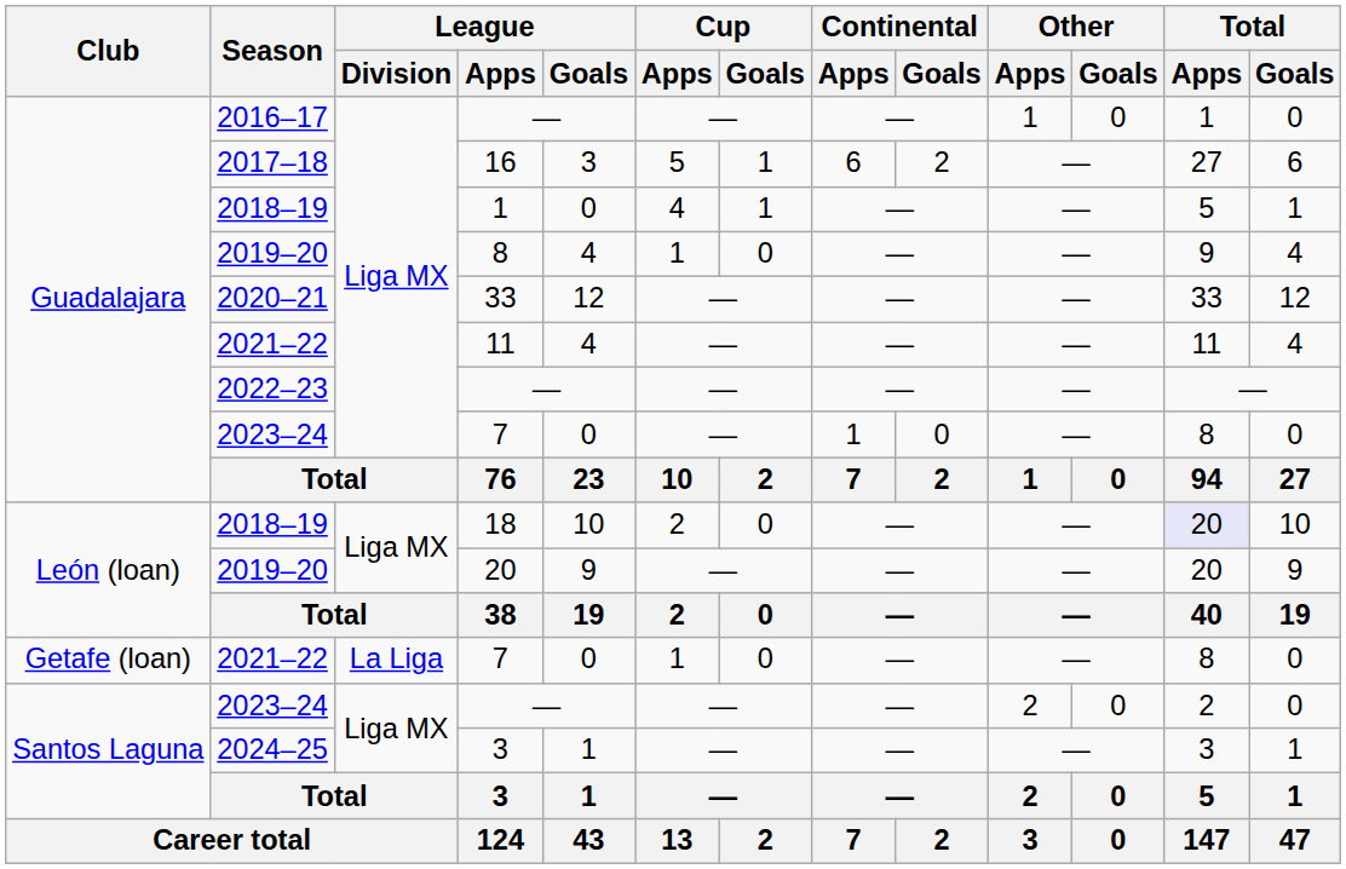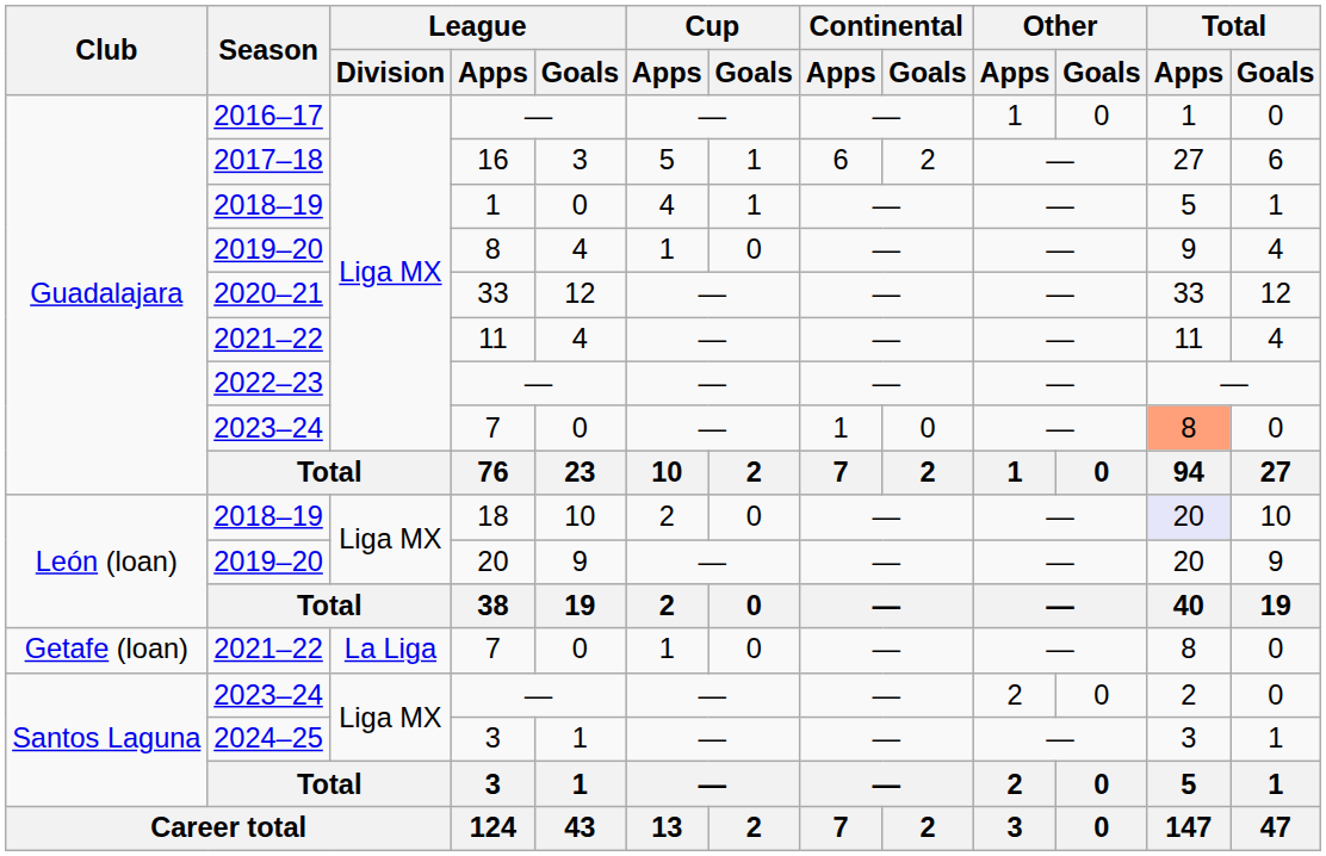 <table class="wikitable" style="text-align:center">
 <tr>
 <th rowspan="2">Club</th>
 <th rowspan="2">Season</th>
 <th colspan="3">League</th>
 <th colspan="2">Cup</th>
 <th colspan="2">Continental</th>
 <th colspan="2">Other</th>
 <th colspan="2">Total</th>
 </tr>
 <tr>
 <th>Division</th>
 <th>Apps</th>
 <th>Goals</th>
 <th>Apps</th>
 <th>Goals</th>
 <th>Apps</th>
 <th>Goals</th>
 <th>Apps</th>
 <th>Goals</th>
 <th>Apps</th>
 <th>Goals</th>
 </tr>
 <tr>
 <td rowspan="9"><a href='#'>Guadalajara</a></td>
 <td><a href='#'>2016–17</a></td>
 <td rowspan="8"><a href='#'>Liga MX</a></td>
 <td colspan="2">—</td>
 <td colspan="2">—</td>
 <td colspan="2">—</td>
 <td>1</td>
 <td>0</td>
 <td>1</td>
 <td>0</td>
 </tr>
 <tr>
 <td><a href='#'>2017–18</a></td>
 <td>16</td>
 <td>3</td>
 <td>5</td>
 <td>1</td>
 <td>6</td>
 <td>2</td>
 <td colspan="2">—</td>
 <td>27</td>
 <td>6</td>
 </tr>
 <tr>
 <td><a href='#'>2018–19</a></td>
 <td>1</td>
 <td>0</td>
 <td>4</td>
 <td>1</td>
 <td colspan="2">—</td>
 <td colspan="2">—</td>
 <td>5</td>
 <td>1</td>
 </tr>
 <tr>
 <td><a href='#'>2019–20</a></td>
 <td>8</td>
 <td>4</td>
 <td>1</td>
 <td>0</td>
 <td colspan="2">—</td>
 <td colspan="2">—</td>
 <td>9</td>
 <td>4</td>
 </tr>
 <tr>
 <td><a href='#'>2020–21</a></td>
 <td>33</td>
 <td>12</td>
 <td colspan="2">—</td>
 <td colspan="2">—</td>
 <td colspan="2">—</td>
 <td>33</td>
 <td>12</td>
 </tr>
 <tr>
 <td><a href='#'>2021–22</a></td>
 <td>11</td>
 <td>4</td>
 <td colspan="2">—</td>
 <td colspan="2">—</td>
 <td colspan="2">—</td>
 <td>11</td>
 <td>4</td>
 </tr>
 <tr>
 <td><a href='#'>2022–23</a></td>
 <td colspan="2">—</td>
 <td colspan="2">—</td>
 <td colspan="2">—</td>
 <td colspan="2">—</td>
 <td colspan="2">—</td>
 </tr>
 <tr>
 <td><a href='#'>2023–24</a></td>
 <td>7</td>
 <td>0</td>
 <td colspan="2">—</td>
 <td>1</td>
 <td>0</td>
 <td colspan="2">—</td>
-<td>8</td>
+<td style="background: lightsalmon;">8</td>
 <td>0</td>
 </tr>
 <tr>
 <th colspan="2">Total</th>
 <th>76</th>
 <th>23</th>
 <th>10</th>
 <th>2</th>
 <th>7</th>
 <th>2</th>
 <th>1</th>
 <th>0</th>
 <th>94</th>
 <th>27</th>
 </tr>
 <tr>
 <td rowspan="3"><a href='#'>León</a> (loan)</td>
 <td><a href='#'>2018–19</a></td>
 <td rowspan="2">Liga MX</td>
 <td>18</td>
 <td>10</td>
 <td>2</td>
 <td>0</td>
 <td colspan="2">—</td>
 <td colspan="2">—</td>
 <td style="background: lavender;">20</td>
 <td>10</td>
 </tr>
 <tr>
 <td><a href='#'>2019–20</a></td>
 <td>20</td>
 <td>9</td>
 <td colspan="2">—</td>
 <td colspan="2">—</td>
 <td colspan="2">—</td>
 <td>20</td>
 <td>9</td>
 </tr>
 <tr>
 <th colspan="2">Total</th>
 <th>38</th>
 <th>19</th>
 <th>2</th>
 <th>0</th>
 <th colspan="2">—</th>
 <th colspan="2">—</th>
 <th>40</th>
 <th>19</th>
 </tr>
 <tr>
 <td><a href='#'>Getafe</a> (loan)</td>
 <td><a href='#'>2021–22</a></td>
 <td><a href='#'>La Liga</a></td>
 <td>7</td>
 <td>0</td>
 <td>1</td>
 <td>0</td>
 <td colspan="2">—</td>
 <td colspan="2">—</td>
 <td>8</td>
 <td>0</td>
 </tr>
 <tr>
 <td rowspan="3"><a href='#'>Santos Laguna</a></td>
 <td><a href='#'>2023–24</a></td>
 <td rowspan="2">Liga MX</td>
 <td colspan="2">—</td>
 <td colspan="2">—</td>
 <td colspan="2">—</td>
 <td>2</td>
 <td>0</td>
 <td>2</td>
 <td>0</td>
 </tr>
 <tr>
 <td><a href='#'>2024–25</a></td>
 <td>3</td>
 <td>1</td>
 <td colspan="2">—</td>
 <td colspan="2">—</td>
 <td colspan="2">—</td>
 <td>3</td>
 <td>1</td>
 </tr>
 <tr>
 <th colspan="2">Total</th>
 <th>3</th>
 <th>1</th>
 <th colspan="2">—</th>
 <th colspan="2">—</th>
 <th>2</th>
 <th>0</th>
 <th>5</th>
 <th>1</th>
 </tr>
 <tr>
 <th colspan="3">Career total</th>
 <th>124</th>
 <th>43</th>
 <th>13</th>
 <th>2</th>
 <th>7</th>
 <th>2</th>
 <th>3</th>
 <th>0</th>
 <th>147</th>
 <th>47</th>
 </tr>
 </table>
